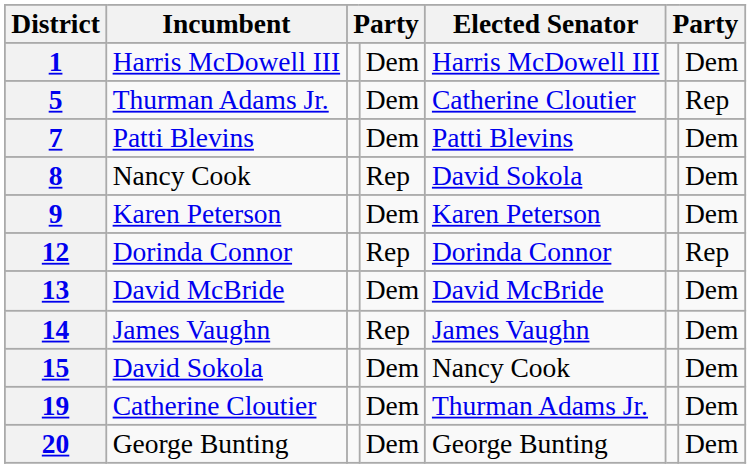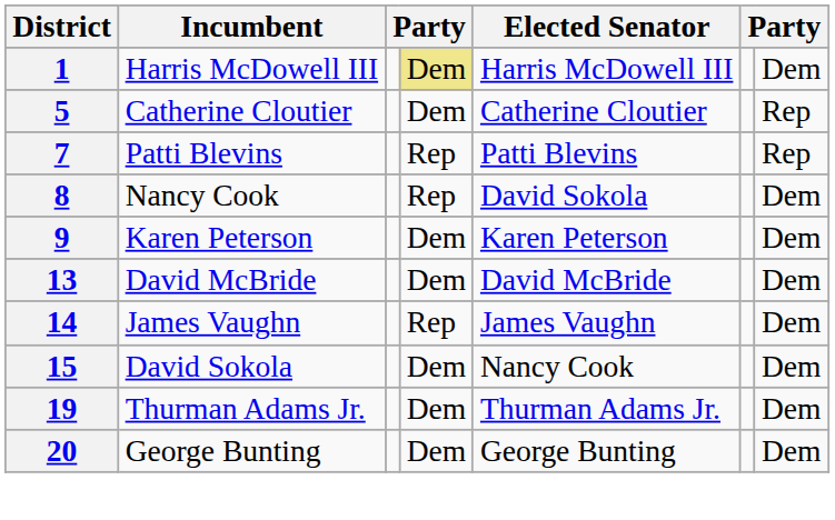 <table class="sortable wikitable" style="font-size:95%;line-height:14px;">
 <tr>
 <th colspan="1">District</th>
 <th class="unsortable">Incumbent</th>
 <th colspan="2">Party</th>
 <th class="unsortable">Elected Senator</th>
 <th colspan="2">Party</th>
 </tr>
 <tr>
 <th><a href='#'>1</a></th>
 <td><a href='#'>Harris McDowell III</a></td>
 <td style="background:"></td>
-<td>Dem</td>
+<td style="background: khaki;">Dem</td>
 <td><a href='#'>Harris McDowell III</a></td>
 <td style="background:"></td>
 <td>Dem</td>
 </tr>
 <tr>
 <th><a href='#'>5</a></th>
-<td><a href='#'>Thurman Adams Jr.</a></td>
+<td><a href='#'>Catherine Cloutier</a></td>
 <td style="background:"></td>
 <td>Dem</td>
 <td><a href='#'>Catherine Cloutier</a></td>
 <td style="background:"></td>
 <td>Rep</td>
 </tr>
 <tr>
 <th><a href='#'>7</a></th>
 <td><a href='#'>Patti Blevins</a></td>
 <td style="background:"></td>
-<td>Dem</td>
+<td>Rep</td>
 <td><a href='#'>Patti Blevins</a></td>
 <td style="background:"></td>
-<td>Dem</td>
+<td>Rep</td>
 </tr>
 <tr>
 <th><a href='#'>8</a></th>
 <td>Nancy Cook</td>
 <td style="background:"></td>
 <td>Rep</td>
 <td><a href='#'>David Sokola</a></td>
 <td style="background:"></td>
 <td>Dem</td>
 </tr>
 <tr>
 <th><a href='#'>9</a></th>
 <td><a href='#'>Karen Peterson</a></td>
 <td style="background:"></td>
 <td>Dem</td>
 <td><a href='#'>Karen Peterson</a></td>
 <td style="background:"></td>
 <td>Dem</td>
-</tr>
-<tr>
-<th><a href='#'>12</a></th>
-<td><a href='#'>Dorinda Connor</a></td>
-<td style="background:"></td>
-<td>Rep</td>
-<td><a href='#'>Dorinda Connor</a></td>
-<td style="background:"></td>
-<td>Rep</td>
 </tr>
 <tr>
 <th><a href='#'>13</a></th>
 <td><a href='#'>David McBride</a></td>
 <td style="background:"></td>
 <td>Dem</td>
 <td><a href='#'>David McBride</a></td>
 <td style="background:"></td>
 <td>Dem</td>
 </tr>
 <tr>
 <th><a href='#'>14</a></th>
 <td><a href='#'>James Vaughn</a></td>
 <td style="background:"></td>
 <td>Rep</td>
 <td><a href='#'>James Vaughn</a></td>
 <td style="background:"></td>
 <td>Dem</td>
 </tr>
 <tr>
 <th><a href='#'>15</a></th>
 <td><a href='#'>David Sokola</a></td>
 <td style="background:"></td>
 <td>Dem</td>
 <td>Nancy Cook</td>
 <td style="background:"></td>
 <td>Dem</td>
 </tr>
 <tr>
 <th><a href='#'>19</a></th>
-<td><a href='#'>Catherine Cloutier</a></td>
+<td><a href='#'>Thurman Adams Jr.</a></td>
 <td style="background:"></td>
 <td>Dem</td>
 <td><a href='#'>Thurman Adams Jr.</a></td>
 <td style="background:"></td>
 <td>Dem</td>
 </tr>
 <tr>
 <th><a href='#'>20</a></th>
 <td>George Bunting</td>
 <td style="background:"></td>
 <td>Dem</td>
 <td>George Bunting</td>
 <td style="background:"></td>
 <td>Dem</td>
 </tr>
 </table>
